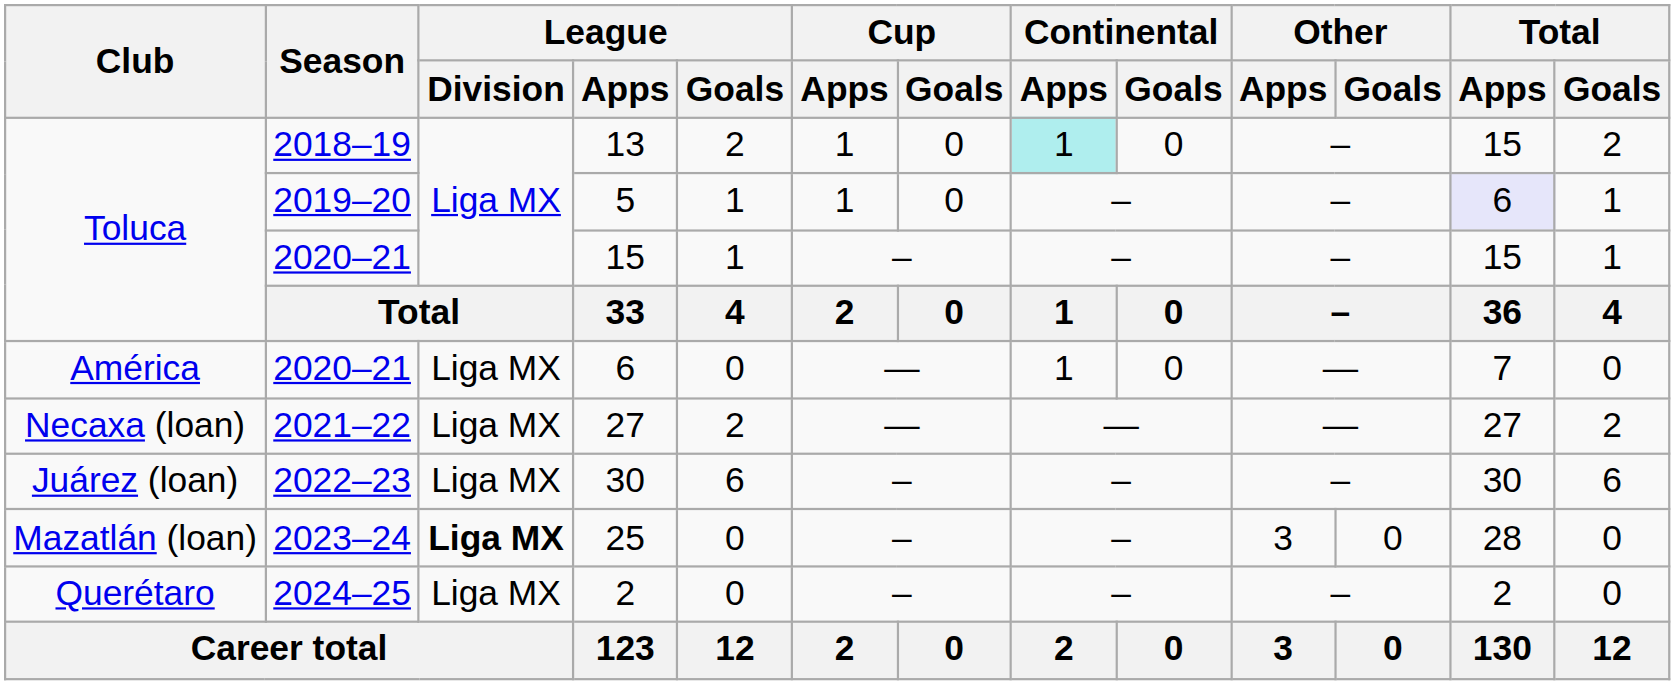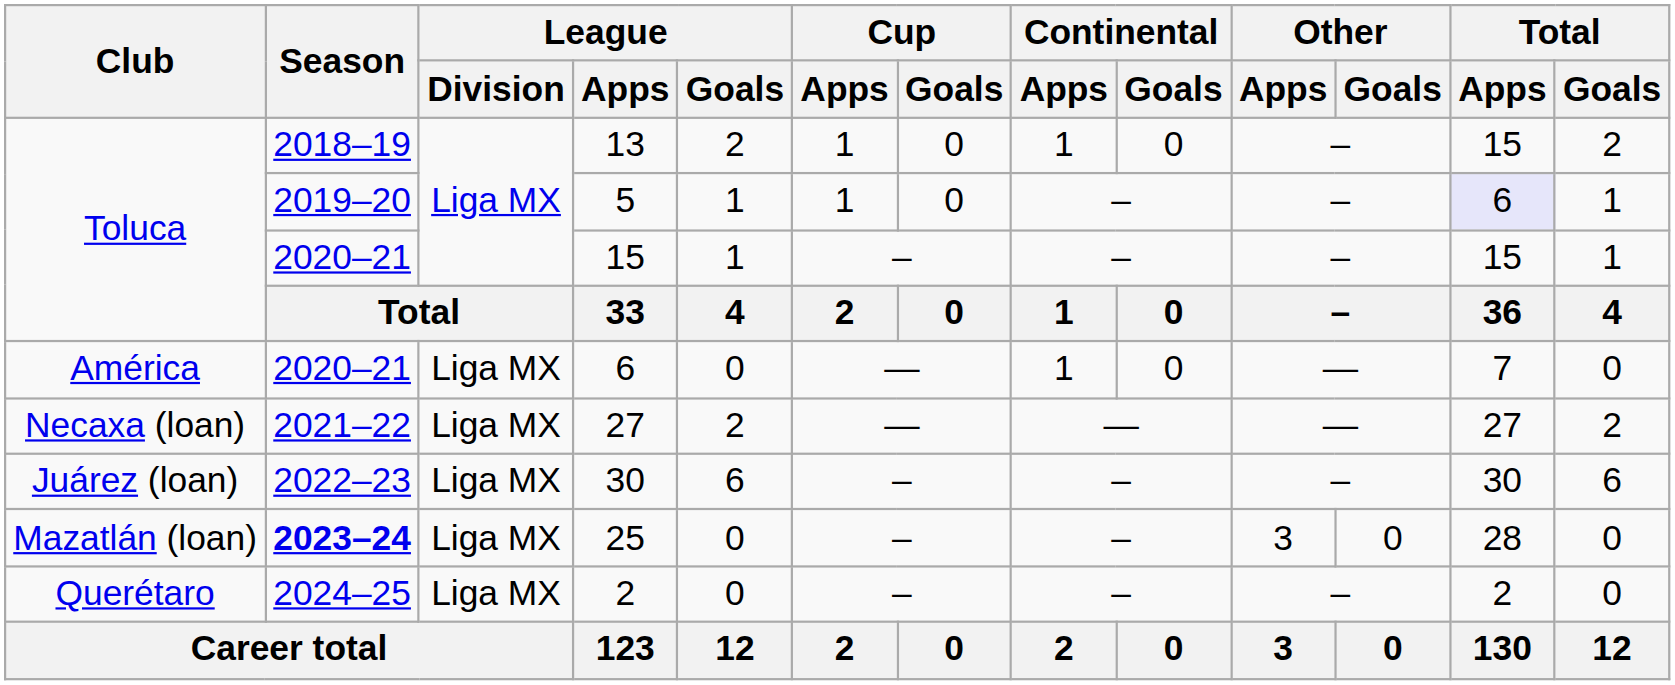 <table class="wikitable" style="text-align: center">
 <tr>
 <th rowspan="2">Club</th>
 <th rowspan="2">Season</th>
 <th colspan="3">League</th>
 <th colspan="2">Cup</th>
 <th colspan="2">Continental</th>
 <th colspan="2">Other</th>
 <th colspan="2">Total</th>
 </tr>
 <tr>
 <th>Division</th>
 <th>Apps</th>
 <th>Goals</th>
 <th>Apps</th>
 <th>Goals</th>
 <th>Apps</th>
 <th>Goals</th>
 <th>Apps</th>
 <th>Goals</th>
 <th>Apps</th>
 <th>Goals</th>
 </tr>
 <tr>
 <td rowspan="4"><a href='#'>Toluca</a></td>
 <td><a href='#'>2018–19</a></td>
 <td rowspan="3"><a href='#'>Liga MX</a></td>
 <td>13</td>
 <td>2</td>
 <td>1</td>
 <td>0</td>
-<td style="background: paleturquoise;">1</td>
+<td>1</td>
 <td>0</td>
 <td colspan=2>–</td>
 <td>15</td>
 <td>2</td>
 </tr>
 <tr>
 <td><a href='#'>2019–20</a></td>
 <td>5</td>
 <td>1</td>
 <td>1</td>
 <td>0</td>
 <td colspan=2>–</td>
 <td colspan=2>–</td>
 <td style="background: lavender;">6</td>
 <td>1</td>
 </tr>
 <tr>
 <td><a href='#'>2020–21</a></td>
 <td>15</td>
 <td>1</td>
 <td colspan=2>–</td>
 <td colspan=2>–</td>
 <td colspan=2>–</td>
 <td>15</td>
 <td>1</td>
 </tr>
 <tr>
 <th colspan="2">Total</th>
 <th>33</th>
 <th>4</th>
 <th>2</th>
 <th>0</th>
 <th>1</th>
 <th>0</th>
 <th colspan=2>–</th>
 <th>36</th>
 <th>4</th>
 </tr>
 <tr>
 <td><a href='#'>América</a></td>
 <td><a href='#'>2020–21</a></td>
 <td>Liga MX</td>
 <td>6</td>
 <td>0</td>
 <td colspan=2>—</td>
 <td>1</td>
 <td>0</td>
 <td colspan=2>—</td>
 <td>7</td>
 <td>0</td>
 </tr>
 <tr>
 <td><a href='#'>Necaxa</a> (loan)</td>
 <td><a href='#'>2021–22</a></td>
 <td>Liga MX</td>
 <td>27</td>
 <td>2</td>
 <td colspan=2>—</td>
 <td colspan=2>—</td>
 <td colspan=2>—</td>
 <td>27</td>
 <td>2</td>
 </tr>
 <tr>
 <td><a href='#'>Juárez</a> (loan)</td>
 <td><a href='#'>2022–23</a></td>
 <td>Liga MX</td>
 <td>30</td>
 <td>6</td>
 <td colspan=2>–</td>
 <td colspan=2>–</td>
 <td colspan=2>–</td>
 <td>30</td>
 <td>6</td>
 </tr>
 <tr>
 <td><a href='#'>Mazatlán</a> (loan)</td>
-<td><a href='#'>2023–24</a></td>
-<td><strong>Liga MX</strong></td>
+<td><strong><a href='#'>2023–24</a></strong></td>
+<td>Liga MX</td>
 <td>25</td>
 <td>0</td>
 <td colspan=2>–</td>
 <td colspan=2>–</td>
 <td>3</td>
 <td>0</td>
 <td>28</td>
 <td>0</td>
 </tr>
 <tr>
 <td><a href='#'>Querétaro</a></td>
 <td><a href='#'>2024–25</a></td>
 <td>Liga MX</td>
 <td>2</td>
 <td>0</td>
 <td colspan=2>–</td>
 <td colspan=2>–</td>
 <td colspan=2>–</td>
 <td>2</td>
 <td>0</td>
 </tr>
 <tr>
 <th colspan="3">Career total</th>
 <th>123</th>
 <th>12</th>
 <th>2</th>
 <th>0</th>
 <th>2</th>
 <th>0</th>
 <th>3</th>
 <th>0</th>
 <th>130</th>
 <th>12</th>
 </tr>
 </table>
